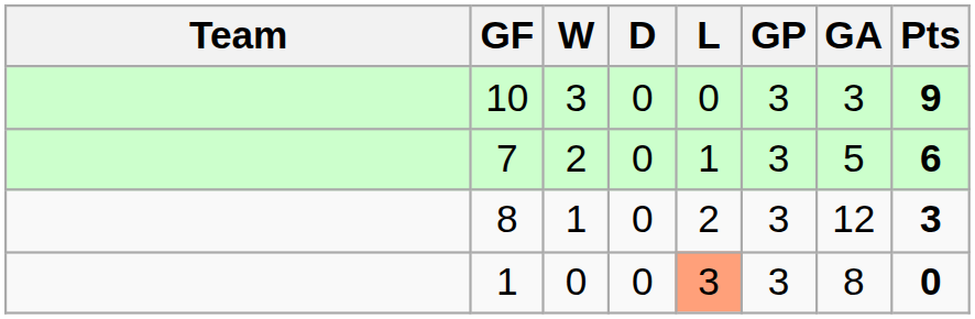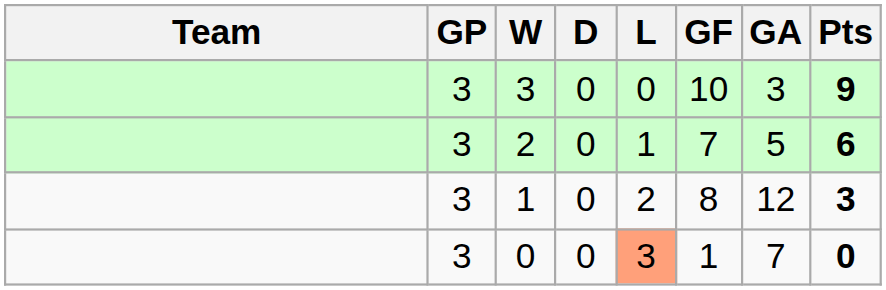 <table class="wikitable" style="text-align:center;">
 <tr>
 <th width=185>Team</th>
-<th width=20>GF</th>
+<th width=20>GP</th>
 <th width=20>W</th>
 <th width=20>D</th>
 <th width=20>L</th>
-<th width=20>GP</th>
+<th width=20>GF</th>
 <th width=20>GA</th>
 <th width=20>Pts</th>
 </tr>
 <tr bgcolor=#ccffcc align=center>
 <td style="text-align:left;"></td>
-<td>10</td>
+<td>3</td>
 <td>3</td>
 <td>0</td>
 <td>0</td>
-<td>3</td>
+<td>10</td>
 <td>3</td>
 <td><strong>9</strong></td>
 </tr>
 <tr bgcolor=#ccffcc align=center>
 <td style="text-align:left;"></td>
-<td>7</td>
+<td>3</td>
 <td>2</td>
 <td>0</td>
 <td>1</td>
-<td>3</td>
+<td>7</td>
 <td>5</td>
 <td><strong>6</strong></td>
 </tr>
 <tr align=center>
 <td style="text-align:left;"></td>
-<td>8</td>
+<td>3</td>
 <td>1</td>
 <td>0</td>
 <td>2</td>
-<td>3</td>
+<td>8</td>
 <td>12</td>
 <td><strong>3</strong></td>
 </tr>
 <tr align=center>
 <td style="text-align:left;"></td>
-<td>1</td>
+<td>3</td>
 <td>0</td>
 <td>0</td>
 <td style="background: lightsalmon;">3</td>
-<td>3</td>
-<td>8</td>
+<td>1</td>
+<td>7</td>
 <td><strong>0</strong></td>
 </tr>
 </table>
